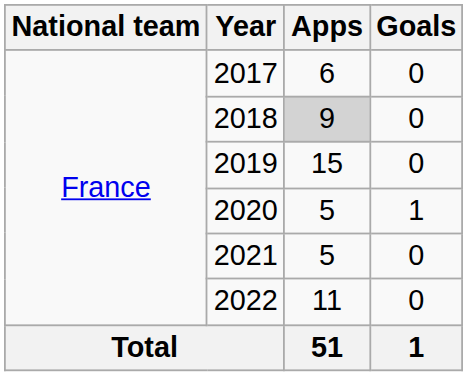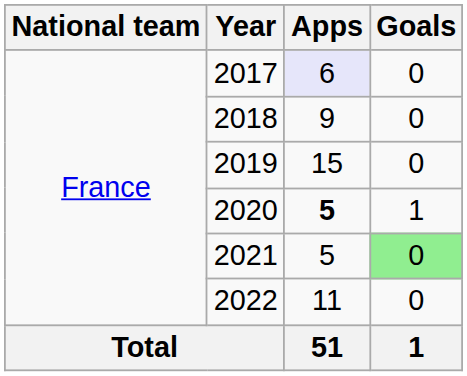 <table class="wikitable" style="text-align:center">
 <tr>
 <th>National team</th>
 <th>Year</th>
 <th>Apps</th>
 <th>Goals</th>
 </tr>
 <tr>
 <td rowspan="6"><a href='#'>France</a></td>
 <td>2017</td>
-<td>6</td>
+<td style="background: lavender;">6</td>
 <td>0</td>
 </tr>
 <tr>
 <td>2018</td>
-<td style="background: lightgrey;">9</td>
+<td>9</td>
 <td>0</td>
 </tr>
 <tr>
 <td>2019</td>
 <td>15</td>
 <td>0</td>
 </tr>
 <tr>
 <td>2020</td>
-<td>5</td>
+<td><strong>5</strong></td>
 <td>1</td>
 </tr>
 <tr>
 <td>2021</td>
 <td>5</td>
-<td>0</td>
+<td style="background: lightgreen;">0</td>
 </tr>
 <tr>
 <td>2022</td>
 <td>11</td>
 <td>0</td>
 </tr>
 <tr>
 <th colspan="2">Total</th>
 <th>51</th>
 <th>1</th>
 </tr>
 </table>
